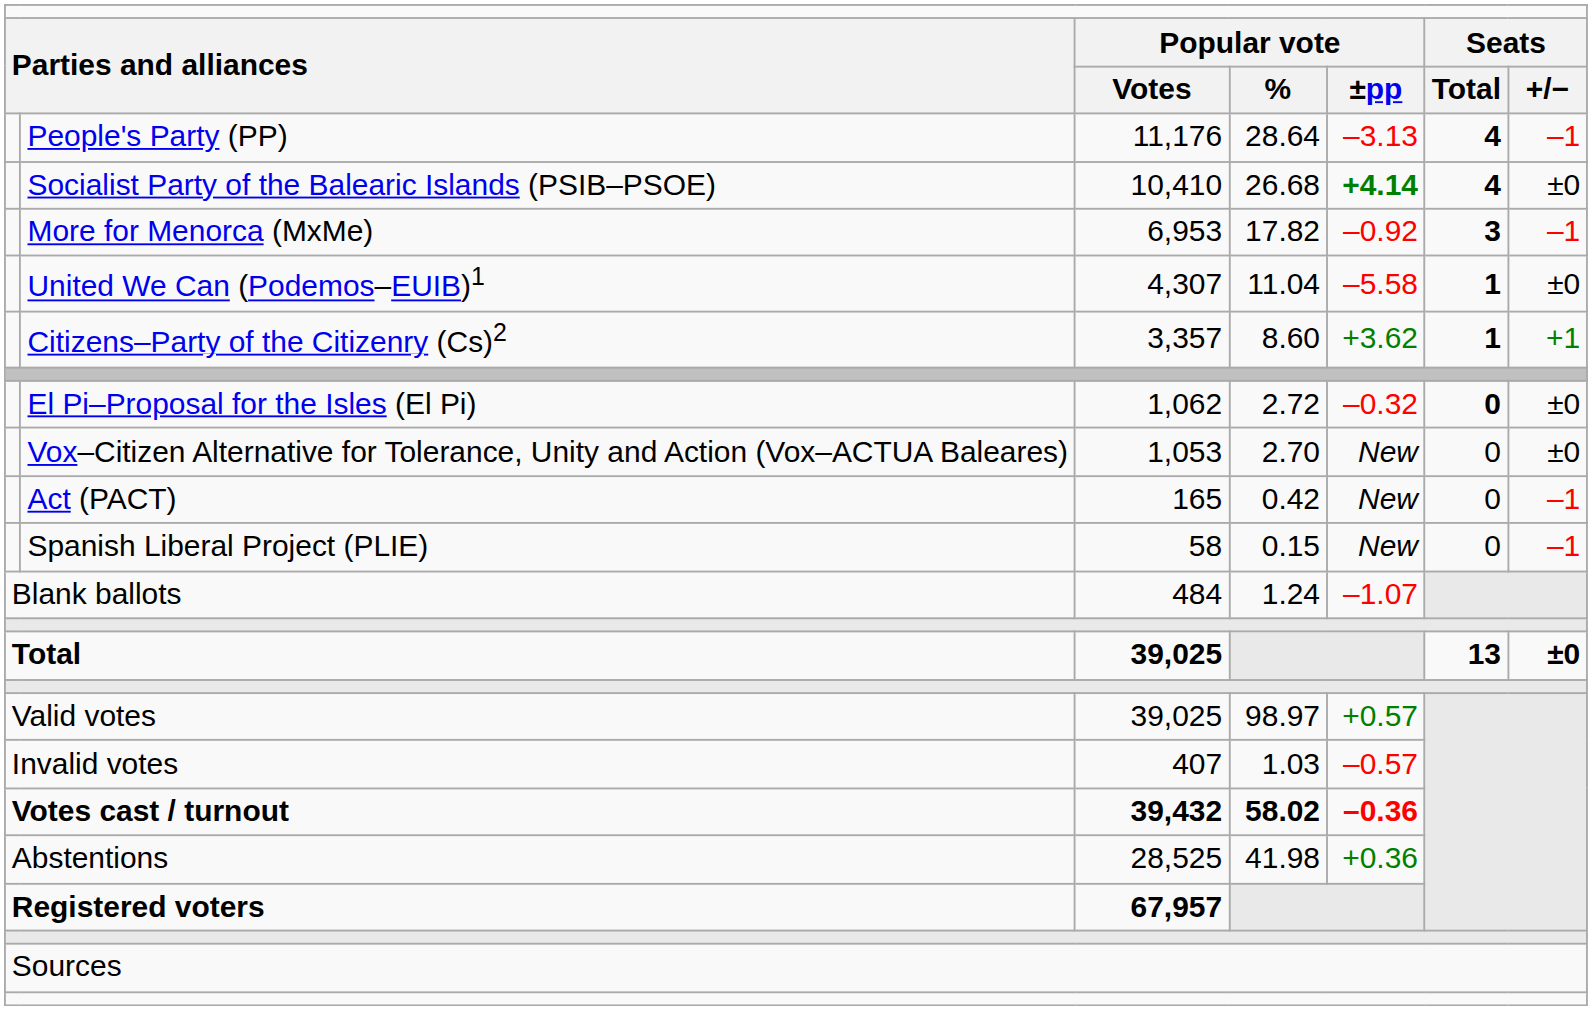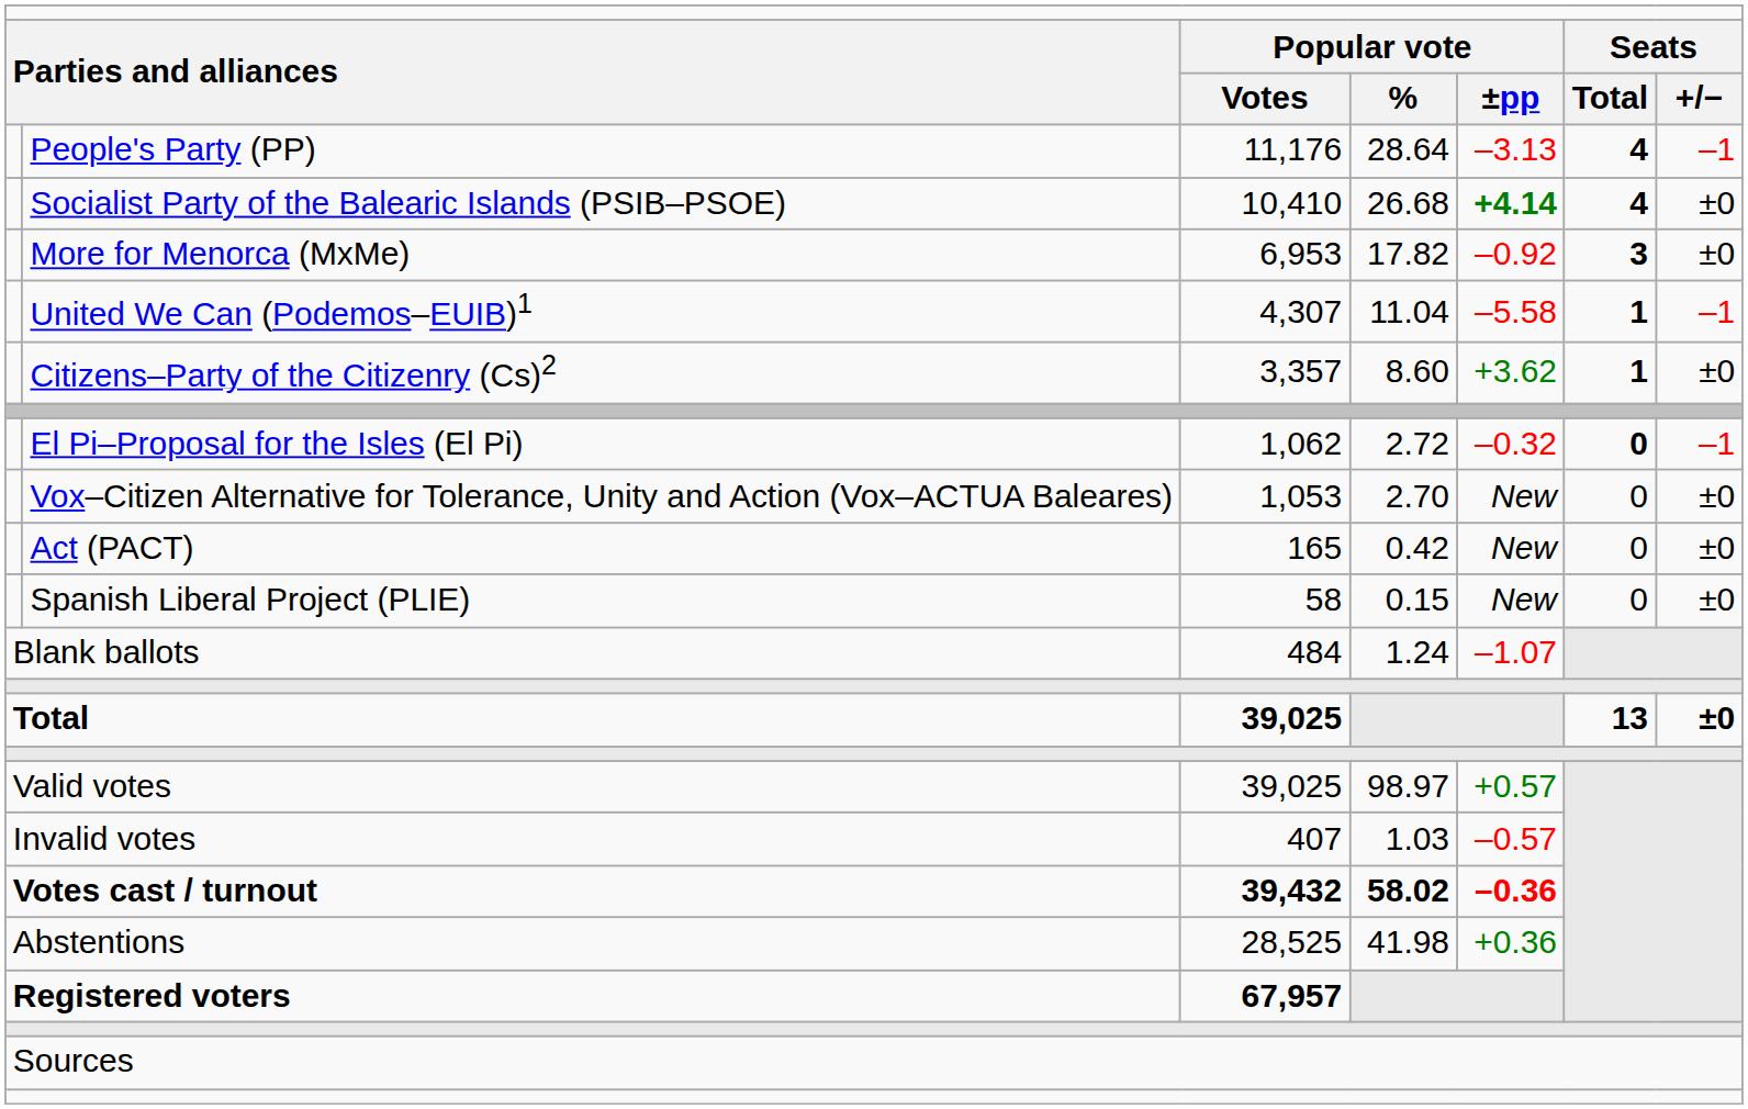 <table class="wikitable" style="text-align:right;">
 <tr>
 <td colspan="7"></td>
 </tr>
 <tr>
 <th style="text-align:left;" rowspan="2" colspan="2" width="525">Parties and alliances</th>
 <th colspan="3">Popular vote</th>
 <th colspan="2">Seats</th>
 </tr>
 <tr>
 <th width="75">Votes</th>
 <th width="45">%</th>
 <th width="45">±<a href='#'>pp</a></th>
 <th width="35">Total</th>
 <th width="35">+/−</th>
 </tr>
 <tr>
 <td width="1" style="color:inherit;background:"></td>
 <td align="left"><a href='#'>People's Party</a> (PP)</td>
 <td>11,176</td>
 <td>28.64</td>
 <td style="color:red;">–3.13</td>
 <td><strong>4</strong></td>
 <td style="color:red;">–1</td>
 </tr>
 <tr>
 <td style="color:inherit;background:"></td>
 <td align="left"><a href='#'>Socialist Party of the Balearic Islands</a> (PSIB–PSOE)</td>
 <td>10,410</td>
 <td>26.68</td>
 <td style="color:green;"><strong>+4.14</strong></td>
 <td><strong>4</strong></td>
 <td>±0</td>
 </tr>
 <tr>
 <td style="color:inherit;background:"></td>
 <td align="left"><a href='#'>More for Menorca</a> (MxMe)</td>
 <td>6,953</td>
 <td>17.82</td>
 <td style="color:red;">–0.92</td>
 <td><strong>3</strong></td>
-<td style="color:red;">–1</td>
+<td>±0</td>
 </tr>
 <tr>
 <td style="color:inherit;background:"></td>
 <td align="left"><a href='#'>United We Can</a> (<a href='#'>Podemos</a>–<a href='#'>EUIB</a>)<sup>1</sup></td>
 <td>4,307</td>
 <td>11.04</td>
 <td style="color:red;">–5.58</td>
 <td><strong>1</strong></td>
-<td>±0</td>
+<td style="color:red;">–1</td>
 </tr>
 <tr>
 <td style="color:inherit;background:"></td>
 <td align="left"><a href='#'>Citizens–Party of the Citizenry</a> (Cs)<sup>2</sup></td>
 <td>3,357</td>
 <td>8.60</td>
 <td style="color:green;">+3.62</td>
 <td><strong>1</strong></td>
-<td style="color:green;">+1</td>
+<td>±0</td>
 </tr>
 <tr>
 <td colspan="7" bgcolor="#C0C0C0"></td>
 </tr>
 <tr>
 <td style="color:inherit;background:"></td>
 <td align="left"><a href='#'>El Pi–Proposal for the Isles</a> (El Pi)</td>
 <td>1,062</td>
 <td>2.72</td>
 <td style="color:red;">–0.32</td>
 <td><strong>0</strong></td>
-<td>±0</td>
+<td style="color:red;">–1</td>
 </tr>
 <tr>
 <td style="color:inherit;background:"></td>
 <td align="left"><a href='#'>Vox</a>–Citizen Alternative for Tolerance, Unity and Action (Vox–ACTUA Baleares)</td>
 <td>1,053</td>
 <td>2.70</td>
 <td><em>New</em></td>
 <td>0</td>
 <td>±0</td>
 </tr>
 <tr>
 <td style="color:inherit;background:"></td>
 <td align="left"><a href='#'>Act</a> (PACT)</td>
 <td>165</td>
 <td>0.42</td>
 <td><em>New</em></td>
 <td>0</td>
-<td style="color:red;">–1</td>
+<td>±0</td>
 </tr>
 <tr>
 <td style="color:inherit;background:"></td>
 <td align="left">Spanish Liberal Project (PLIE)</td>
 <td>58</td>
 <td>0.15</td>
 <td><em>New</em></td>
 <td>0</td>
-<td style="color:red;">–1</td>
+<td>±0</td>
 </tr>
 <tr>
 <td align="left" colspan="2">Blank ballots</td>
 <td>484</td>
 <td>1.24</td>
 <td style="color:red;">–1.07</td>
 <td bgcolor="#E9E9E9" colspan="2"></td>
 </tr>
 <tr>
 <td colspan="7" bgcolor="#E9E9E9"></td>
 </tr>
 <tr style="font-weight:bold;">
 <td align="left" colspan="2">Total</td>
 <td>39,025</td>
 <td bgcolor="#E9E9E9" colspan="2"></td>
 <td>13</td>
 <td>±0</td>
 </tr>
 <tr>
 <td colspan="7" bgcolor="#E9E9E9"></td>
 </tr>
 <tr>
 <td align="left" colspan="2">Valid votes</td>
 <td>39,025</td>
 <td>98.97</td>
 <td style="color:green;">+0.57</td>
 <td bgcolor="#E9E9E9" colspan="2" rowspan="5"></td>
 </tr>
 <tr>
 <td align="left" colspan="2">Invalid votes</td>
 <td>407</td>
 <td>1.03</td>
 <td style="color:red;">–0.57</td>
 </tr>
 <tr style="font-weight:bold;">
 <td align="left" colspan="2">Votes cast / turnout</td>
 <td>39,432</td>
 <td>58.02</td>
 <td style="color:red;">–0.36</td>
 </tr>
 <tr>
 <td align="left" colspan="2">Abstentions</td>
 <td>28,525</td>
 <td>41.98</td>
 <td style="color:green;">+0.36</td>
 </tr>
 <tr style="font-weight:bold;">
 <td align="left" colspan="2">Registered voters</td>
 <td>67,957</td>
 <td bgcolor="#E9E9E9" colspan="2"></td>
 </tr>
 <tr>
 <td colspan="7" bgcolor="#E9E9E9"></td>
 </tr>
 <tr>
 <td align="left" colspan="7">Sources</td>
 </tr>
 <tr>
 <td colspan="7" style="text-align:left; max-width:790px;"></td>
 </tr>
 </table>
